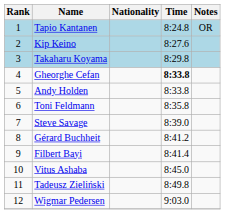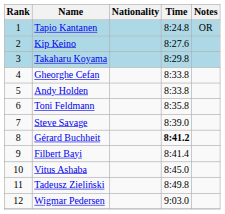 <table class="wikitable sortable" style="text-align:center">
 <tr>
 <th>Rank</th>
 <th>Name</th>
 <th>Nationality</th>
 <th>Time</th>
 <th>Notes</th>
 </tr>
 <tr bgcolor=lightblue>
 <td>1</td>
 <td align=left><a href='#'>Tapio Kantanen</a></td>
 <td align=left></td>
 <td>8:24.8</td>
 <td>OR</td>
 </tr>
 <tr bgcolor=lightblue>
 <td>2</td>
 <td align=left><a href='#'>Kip Keino</a></td>
 <td align=left></td>
 <td>8:27.6</td>
 <td></td>
 </tr>
 <tr bgcolor=lightblue>
 <td>3</td>
 <td align=left><a href='#'>Takaharu Koyama</a></td>
 <td align=left></td>
 <td>8:29.8</td>
 <td></td>
 </tr>
 <tr>
 <td>4</td>
 <td align=left><a href='#'>Gheorghe Cefan</a></td>
 <td align=left></td>
-<td><strong>8:33.8</strong></td>
+<td>8:33.8</td>
 <td></td>
 </tr>
 <tr>
 <td>5</td>
 <td align=left><a href='#'>Andy Holden</a></td>
 <td align=left></td>
 <td>8:33.8</td>
 <td></td>
 </tr>
 <tr>
 <td>6</td>
 <td align=left><a href='#'>Toni Feldmann</a></td>
 <td align=left></td>
 <td>8:35.8</td>
 <td></td>
 </tr>
 <tr>
 <td>7</td>
 <td align=left><a href='#'>Steve Savage</a></td>
 <td align=left></td>
 <td>8:39.0</td>
 <td></td>
 </tr>
 <tr>
 <td>8</td>
 <td align=left><a href='#'>Gérard Buchheit</a></td>
 <td align=left></td>
-<td>8:41.2</td>
+<td><strong>8:41.2</strong></td>
 <td></td>
 </tr>
 <tr>
 <td>9</td>
 <td align=left><a href='#'>Filbert Bayi</a></td>
 <td align=left></td>
 <td>8:41.4</td>
 <td></td>
 </tr>
 <tr>
 <td>10</td>
 <td align=left><a href='#'>Vitus Ashaba</a></td>
 <td align=left></td>
 <td>8:45.0</td>
 <td></td>
 </tr>
 <tr>
 <td>11</td>
 <td align=left><a href='#'>Tadeusz Zieliński</a></td>
 <td align=left></td>
 <td>8:49.8</td>
 <td></td>
 </tr>
 <tr>
 <td>12</td>
 <td align=left><a href='#'>Wigmar Pedersen</a></td>
 <td align=left></td>
 <td>9:03.0</td>
 <td></td>
 </tr>
 <tr>
 </tr>
 </table>
